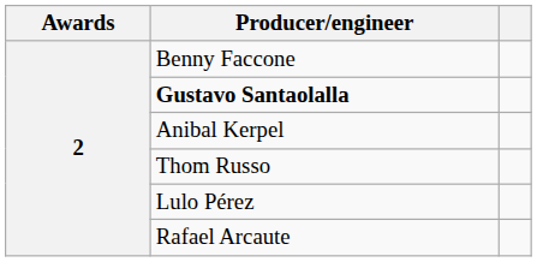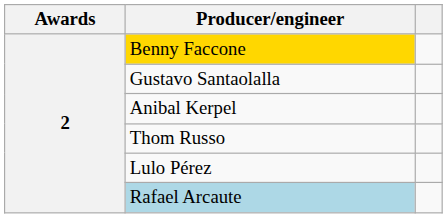 <table class="wikitable plainrowheaders">
 <tr>
 <th scope="col" style="width:6em;">Awards</th>
 <th scope="col" style="width:15em;">Producer/engineer</th>
 <th scope="col" style="width:1em;"></th>
 </tr>
 <tr>
 <th scope="row" style="text-align:center" rowspan="6">2</th>
-<td>Benny Faccone</td>
+<td style="background: gold;">Benny Faccone</td>
 <td></td>
 </tr>
 <tr>
-<td><strong>Gustavo Santaolalla</strong></td>
+<td>Gustavo Santaolalla</td>
 <td></td>
 </tr>
 <tr>
 <td>Anibal Kerpel</td>
 <td></td>
 </tr>
 <tr>
 <td>Thom Russo</td>
 <td></td>
 </tr>
 <tr>
 <td>Lulo Pérez</td>
 <td></td>
 </tr>
 <tr>
-<td>Rafael Arcaute</td>
+<td style="background: lightblue;">Rafael Arcaute</td>
 <td></td>
 </tr>
 </table>
